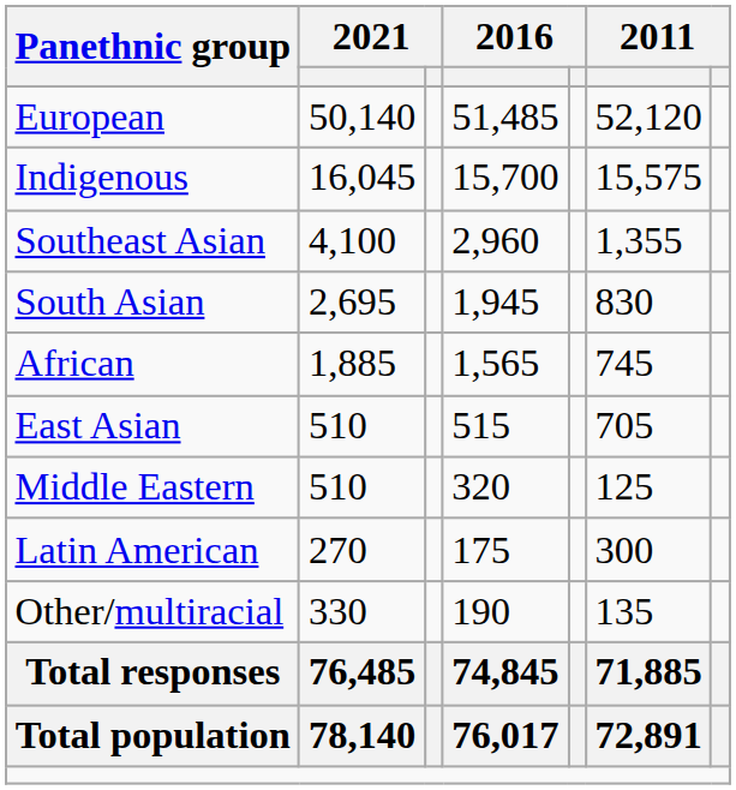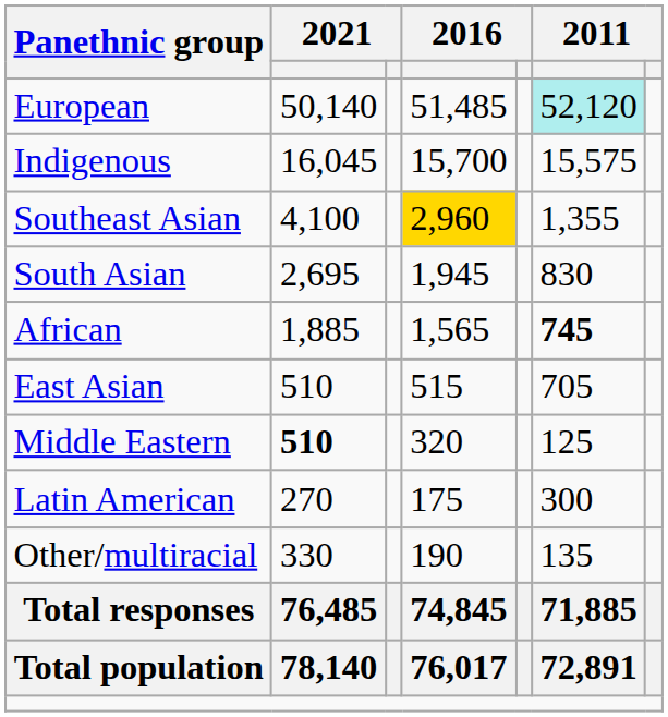 <table class="wikitable collapsible sortable">
 <tr>
 <th rowspan="2"><a href='#'>Panethnic</a> group</th>
 <th colspan="2">2021</th>
 <th colspan="2">2016</th>
 <th colspan="2">2011</th>
 </tr>
 <tr>
 <th><a href='#'></a></th>
 <th></th>
 <th></th>
 <th></th>
 <th></th>
 <th></th>
 </tr>
 <tr>
 <td><a href='#'>European</a></td>
 <td>50,140</td>
 <td></td>
 <td>51,485</td>
 <td></td>
-<td>52,120</td>
+<td style="background: paleturquoise;">52,120</td>
 <td></td>
 </tr>
 <tr>
 <td><a href='#'>Indigenous</a></td>
 <td>16,045</td>
 <td></td>
 <td>15,700</td>
 <td></td>
 <td>15,575</td>
 <td></td>
 </tr>
 <tr>
 <td><a href='#'>Southeast Asian</a></td>
 <td>4,100</td>
 <td></td>
-<td>2,960</td>
+<td style="background: gold;">2,960</td>
 <td></td>
 <td>1,355</td>
 <td></td>
 </tr>
 <tr>
 <td><a href='#'>South Asian</a></td>
 <td>2,695</td>
 <td></td>
 <td>1,945</td>
 <td></td>
 <td>830</td>
 <td></td>
 </tr>
 <tr>
 <td><a href='#'>African</a></td>
 <td>1,885</td>
 <td></td>
 <td>1,565</td>
 <td></td>
-<td>745</td>
+<td><strong>745</strong></td>
 <td></td>
 </tr>
 <tr>
 <td><a href='#'>East Asian</a></td>
 <td>510</td>
 <td></td>
 <td>515</td>
 <td></td>
 <td>705</td>
 <td></td>
 </tr>
 <tr>
 <td><a href='#'>Middle Eastern</a></td>
-<td>510</td>
+<td><strong>510</strong></td>
 <td></td>
 <td>320</td>
 <td></td>
 <td>125</td>
 <td></td>
 </tr>
 <tr>
 <td><a href='#'>Latin American</a></td>
 <td>270</td>
 <td></td>
 <td>175</td>
 <td></td>
 <td>300</td>
 <td></td>
 </tr>
 <tr>
 <td>Other/<a href='#'>multiracial</a></td>
 <td>330</td>
 <td></td>
 <td>190</td>
 <td></td>
 <td>135</td>
 <td></td>
 </tr>
 <tr>
 <th>Total responses</th>
 <th>76,485</th>
 <th></th>
 <th>74,845</th>
 <th></th>
 <th>71,885</th>
 <th></th>
 </tr>
 <tr class="sortbottom">
 <th>Total population</th>
 <th>78,140</th>
 <th></th>
 <th>76,017</th>
 <th></th>
 <th>72,891</th>
 <th></th>
 </tr>
 <tr class="sortbottom">
 <td colspan="15"></td>
 </tr>
 </table>
